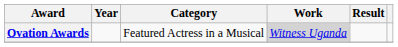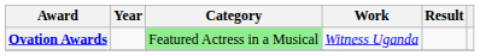 <table class="wikitable sortable plainrowheaders">
 <tr>
 <th scope="col">Award</th>
 <th scope="col">Year</th>
 <th scope="col">Category</th>
 <th scope="col">Work</th>
 <th scope="col">Result</th>
 <th scope="col" class="unsortable"></th>
 </tr>
 <tr>
 <th scope="row" rowspan="1"><a href='#'>Ovation Awards</a></th>
 <td></td>
-<td>Featured Actress in a Musical</td>
-<td style="background: lightgrey;"><em><a href='#'>Witness Uganda</a></em></td>
+<td style="background: lightgreen;">Featured Actress in a Musical</td>
+<td><em><a href='#'>Witness Uganda</a></em></td>
 <td></td>
 <td></td>
 </tr>
 <tr>
 </tr>
 </table>
